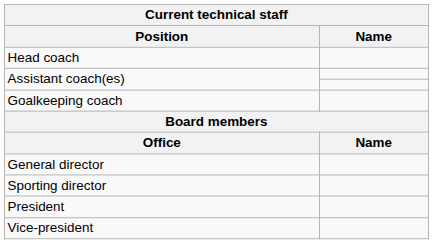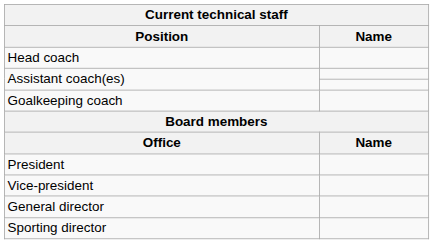 <table class="wikitable" width=40% style="text-align:left;font-size:100%;">
 <tr>
 <th colspan="2">Current technical staff</th>
 </tr>
 <tr>
 <th>Position</th>
 <th>Name</th>
 </tr>
 <tr>
 <td>Head coach</td>
 <td> </td>
 </tr>
 <tr>
 <td rowspan="2">Assistant coach(es)</td>
 <td> </td>
 </tr>
 <tr>
 <td> </td>
 </tr>
 <tr>
 <td>Goalkeeping coach</td>
 <td> </td>
 </tr>
 <tr>
 <th colspan="2">Board members</th>
 </tr>
 <tr>
 <th>Office</th>
 <th>Name</th>
 </tr>
 <tr>
+<td>President</td>
+<td> </td>
+</tr>
+<tr>
+<td>Vice-president</td>
+<td> </td>
+</tr>
+<tr>
 <td>General director</td>
 <td> </td>
 </tr>
 <tr>
 <td>Sporting director</td>
 <td> </td>
 </tr>
-<tr>
-<td>President</td>
-<td> </td>
-</tr>
-<tr>
-<td>Vice-president</td>
-<td> </td>
-</tr>
 </table>
